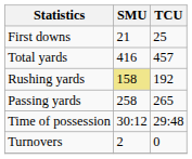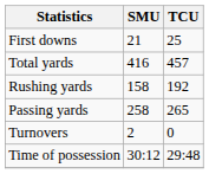 <table class="wikitable" style="float: left;">
 <tr>
 <th>Statistics</th>
 <th>SMU</th>
 <th>TCU</th>
 </tr>
 <tr>
 <td>First downs</td>
 <td>21</td>
 <td>25</td>
 </tr>
 <tr>
 <td>Total yards</td>
 <td>416</td>
 <td>457</td>
 </tr>
 <tr>
 <td>Rushing yards</td>
-<td style="background: khaki;">158</td>
+<td>158</td>
 <td>192</td>
 </tr>
 <tr>
 <td>Passing yards</td>
 <td>258</td>
 <td>265</td>
 </tr>
 <tr>
+<td>Turnovers</td>
+<td>2</td>
+<td>0</td>
+</tr>
+<tr>
 <td>Time of possession</td>
 <td>30:12</td>
 <td>29:48</td>
 </tr>
 <tr>
-<td>Turnovers</td>
-<td>2</td>
-<td>0</td>
-</tr>
-<tr>
 </tr>
 </table>
